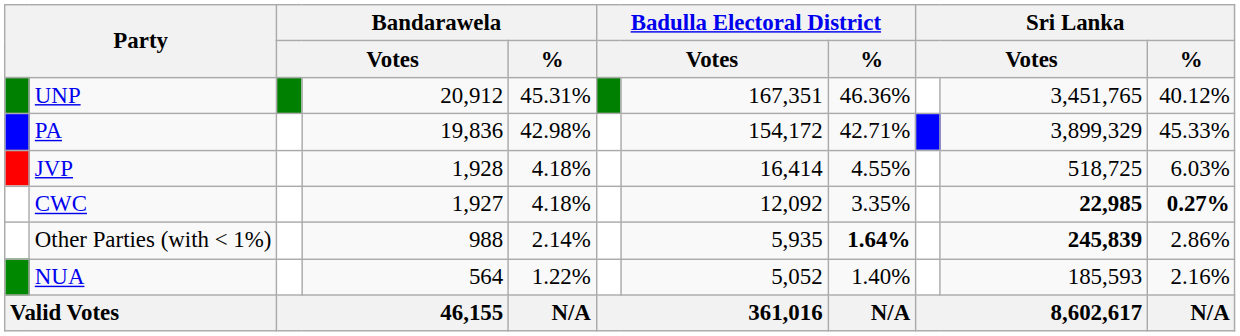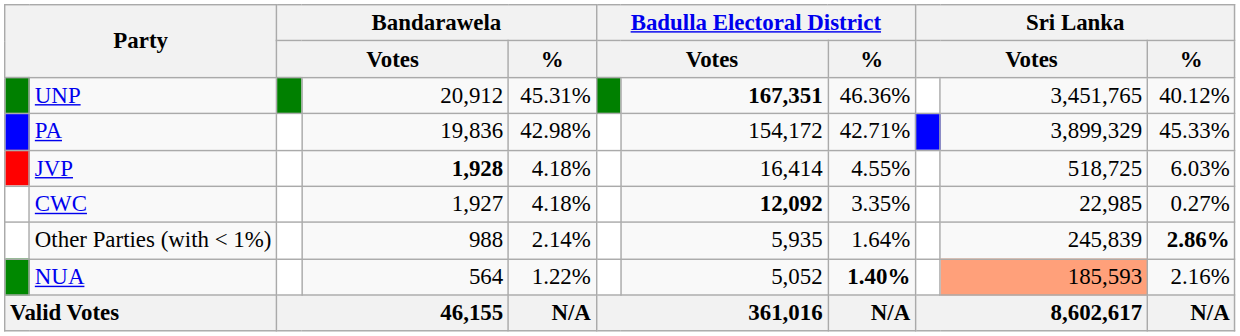 <table class="wikitable">
 <tr>
 <th colspan="2" width="144px"rowspan="2">Party</th>
 <th colspan="3" width="216px">Bandarawela</th>
 <th colspan="3" width="216px"><a href='#'>Badulla Electoral District</a></th>
 <th colspan="3" width="216px">Sri Lanka</th>
 </tr>
 <tr>
 <th colspan="2" width="144px">Votes</th>
 <th>%</th>
 <th colspan="2" width="144px">Votes</th>
 <th>%</th>
 <th colspan="2" width="144px">Votes</th>
 <th>%</th>
 </tr>
 <tr>
 <td style="background-color:green;" width="10px"></td>
 <td style="text-align:left;"><a href='#'>UNP</a></td>
 <td style="background-color:green;" width="10px"></td>
 <td style="text-align:right;">20,912</td>
 <td style="text-align:right;">45.31%</td>
 <td style="background-color:green;" width="10px"></td>
-<td style="text-align:right;">167,351</td>
+<td style="text-align:right;"><strong>167,351</strong></td>
 <td style="text-align:right;">46.36%</td>
 <td style="background-color:white;" width="10px"></td>
 <td style="text-align:right;">3,451,765</td>
 <td style="text-align:right;">40.12%</td>
 </tr>
 <tr>
 <td style="background-color:blue;" width="10px"></td>
 <td style="text-align:left;"><a href='#'>PA</a></td>
 <td style="background-color:white;" width="10px"></td>
 <td style="text-align:right;">19,836</td>
 <td style="text-align:right;">42.98%</td>
 <td style="background-color:white;" width="10px"></td>
 <td style="text-align:right;">154,172</td>
 <td style="text-align:right;">42.71%</td>
 <td style="background-color:blue;" width="10px"></td>
 <td style="text-align:right;">3,899,329</td>
 <td style="text-align:right;">45.33%</td>
 </tr>
 <tr>
 <td style="background-color:red;" width="10px"></td>
 <td style="text-align:left;"><a href='#'>JVP</a></td>
 <td style="background-color:white;" width="10px"></td>
-<td style="text-align:right;">1,928</td>
+<td style="text-align:right;"><strong>1,928</strong></td>
 <td style="text-align:right;">4.18%</td>
 <td style="background-color:white;" width="10px"></td>
 <td style="text-align:right;">16,414</td>
 <td style="text-align:right;">4.55%</td>
 <td style="background-color:white;" width="10px"></td>
 <td style="text-align:right;">518,725</td>
 <td style="text-align:right;">6.03%</td>
 </tr>
 <tr>
 <td style="background-color:white;" width="10px"></td>
 <td style="text-align:left;"><a href='#'>CWC</a></td>
 <td style="background-color:white;" width="10px"></td>
 <td style="text-align:right;">1,927</td>
 <td style="text-align:right;">4.18%</td>
 <td style="background-color:white;" width="10px"></td>
-<td style="text-align:right;">12,092</td>
+<td style="text-align:right;"><strong>12,092</strong></td>
 <td style="text-align:right;">3.35%</td>
 <td style="background-color:white;" width="10px"></td>
-<td style="text-align:right;"><strong>22,985</strong></td>
-<td style="text-align:right;"><strong>0.27%</strong></td>
+<td style="text-align:right;">22,985</td>
+<td style="text-align:right;">0.27%</td>
 </tr>
 <tr>
 <td style="background-color:white;" width="10px"></td>
 <td style="text-align:left;">Other Parties (with < 1%)</td>
 <td style="background-color:white;" width="10px"></td>
 <td style="text-align:right;">988</td>
 <td style="text-align:right;">2.14%</td>
 <td style="background-color:white;" width="10px"></td>
 <td style="text-align:right;">5,935</td>
-<td style="text-align:right;"><strong>1.64%</strong></td>
+<td style="text-align:right;">1.64%</td>
 <td style="background-color:white;" width="10px"></td>
-<td style="text-align:right;"><strong>245,839</strong></td>
-<td style="text-align:right;">2.86%</td>
+<td style="text-align:right;">245,839</td>
+<td style="text-align:right;"><strong>2.86%</strong></td>
 </tr>
 <tr>
 <td style="background-color:#008800;" width="10px"></td>
 <td style="text-align:left;"><a href='#'>NUA</a></td>
 <td style="background-color:white;" width="10px"></td>
 <td style="text-align:right;">564</td>
 <td style="text-align:right;">1.22%</td>
 <td style="background-color:white;" width="10px"></td>
 <td style="text-align:right;">5,052</td>
-<td style="text-align:right;">1.40%</td>
+<td style="text-align:right;"><strong>1.40%</strong></td>
 <td style="background-color:white;" width="10px"></td>
-<td style="text-align:right;">185,593</td>
+<td style="background: lightsalmon; text-align:right;">185,593</td>
 <td style="text-align:right;">2.16%</td>
 </tr>
 <tr>
 <th colspan="2" width="144px"style="text-align:left;">Valid Votes</th>
 <th style="text-align:right;"colspan="2" width="144px">46,155</th>
 <th style="text-align:right;">N/A</th>
 <th style="text-align:right;"colspan="2" width="144px">361,016</th>
 <th style="text-align:right;">N/A</th>
 <th style="text-align:right;"colspan="2" width="144px">8,602,617</th>
 <th style="text-align:right;">N/A</th>
 </tr>
 </table>
